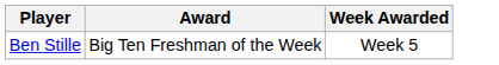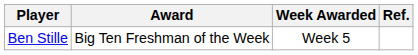 <table class="wikitable sortable sortable" style="text-align: center">
 <tr align=center>
 <th>Player</th>
 <th>Award</th>
 <th>Week Awarded</th>
+<th>Ref.</th>
 </tr>
 <tr>
 <td style="background:white"><a href='#'>Ben Stille</a></td>
 <td style="background:white">Big Ten Freshman of the Week</td>
 <td style="background:white">Week 5</td>
+<td style="background:white"></td>
 </tr>
 </table>
